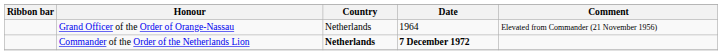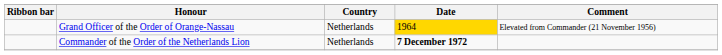 <table class="wikitable" style="width:60%;">
 <tr style="background:#ccf; text-align:center;">
 </tr>
 <tr>
 <th style="width:80px;">Ribbon bar</th>
 <th>Honour</th>
 <th>Country</th>
 <th>Date</th>
 <th>Comment</th>
 </tr>
 <tr>
 <td></td>
 <td><a href='#'>Grand Officer</a> of the <a href='#'>Order of Orange-Nassau</a></td>
 <td>Netherlands</td>
-<td>1964</td>
+<td style="background: gold;">1964</td>
 <td><small>Elevated from Commander (21 November 1956)</small></td>
 </tr>
 <tr>
 <td></td>
 <td><a href='#'>Commander</a> of the <a href='#'>Order of the Netherlands Lion</a></td>
-<td><strong>Netherlands</strong></td>
+<td>Netherlands</td>
 <td><strong>7 December 1972</strong></td>
 <td></td>
 </tr>
 <tr>
 </tr>
 </table>
